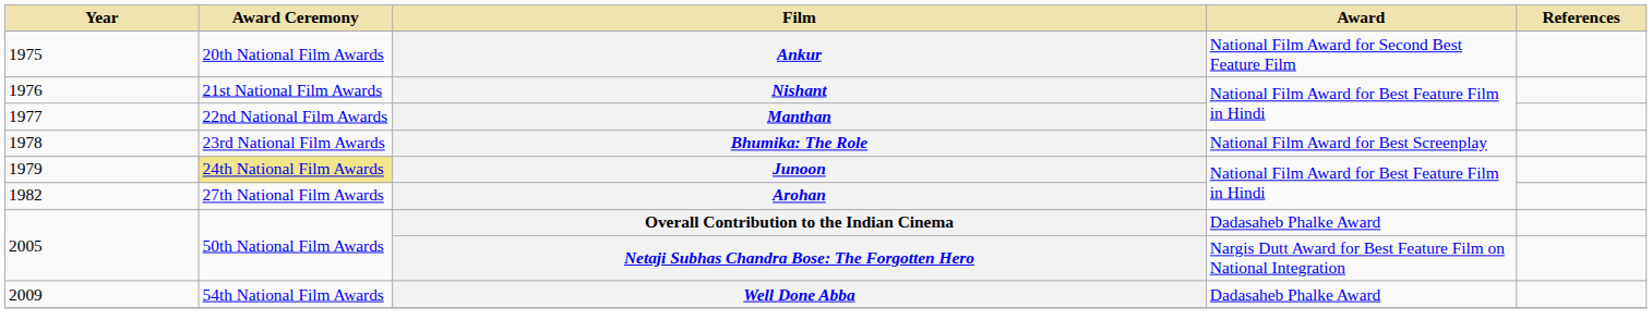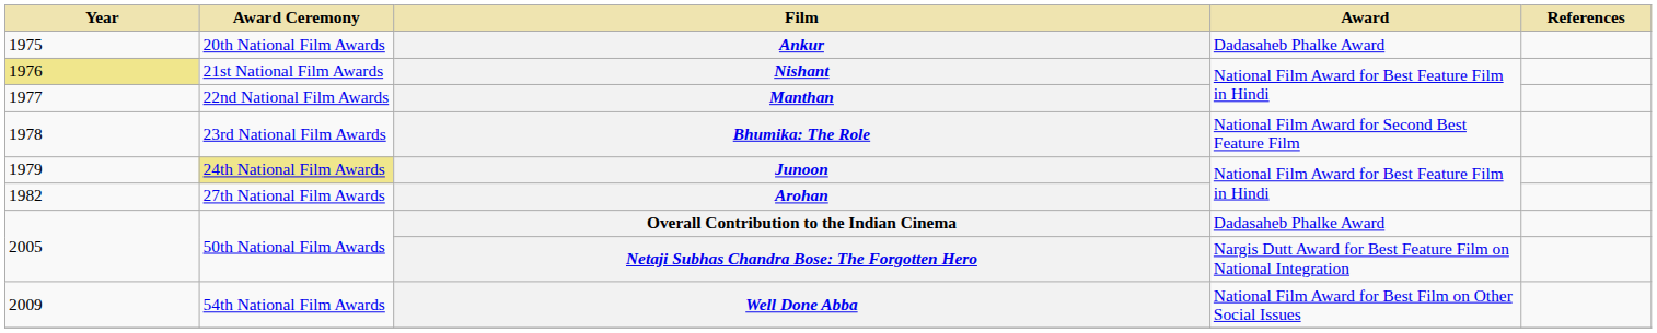 <table class="wikitable sortable">
 <tr>
 <th scope="col" style="background-color:#EFE4B0;width:5%">Year</th>
 <th scope="col" style="background-color:#EFE4B0;width:5%" class="unsortable">Award Ceremony</th>
 <th scope="col" style="background-color:#EFE4B0;width:21%">Film</th>
 <th scope="col" style="background-color:#EFE4B0;width:8%">Award</th>
 <th scope="col" style="background-color:#EFE4B0;width:2%">References</th>
 </tr>
 <tr>
 <td align="centre">1975</td>
 <td><a href='#'>20th National Film Awards</a></td>
 <th scope="row"><a href='#'><em>Ankur</em></a></th>
-<td><a href='#'>National Film Award for Second Best Feature Film</a></td>
+<td><a href='#'>Dadasaheb Phalke Award</a></td>
 <td></td>
 </tr>
 <tr>
-<td align="centre">1976</td>
+<td align="centre" style="background: khaki;">1976</td>
 <td><a href='#'>21st National Film Awards</a></td>
 <th scope="row"><a href='#'><em>Nishant</em></a></th>
 <td rowspan="2"><a href='#'>National Film Award for Best Feature Film in Hindi</a></td>
 <td></td>
 </tr>
 <tr>
 <td align="centre">1977</td>
 <td><a href='#'>22nd National Film Awards</a></td>
 <th scope="row"><em><a href='#'>Manthan</a></em></th>
 <td></td>
 </tr>
 <tr>
 <td align="centre">1978</td>
 <td><a href='#'>23rd National Film Awards</a></td>
 <th scope="row"><em><a href='#'>Bhumika: The Role</a></em></th>
-<td><a href='#'>National Film Award for Best Screenplay</a></td>
+<td><a href='#'>National Film Award for Second Best Feature Film</a></td>
 <td></td>
 </tr>
 <tr>
 <td align="centre">1979</td>
 <td style="background: khaki;"><a href='#'>24th National Film Awards</a></td>
 <th scope="row"><a href='#'><em>Junoon</em></a></th>
 <td rowspan="2"><a href='#'>National Film Award for Best Feature Film in Hindi</a></td>
 <td></td>
 </tr>
 <tr>
 <td align="centre">1982</td>
 <td><a href='#'>27th National Film Awards</a></td>
 <th scope="row"><a href='#'><em>Arohan</em></a></th>
 <td></td>
 </tr>
 <tr>
 <td rowspan="2" align="centre">2005</td>
 <td rowspan="2"><a href='#'>50th National Film Awards</a></td>
 <th scope="row">Overall Contribution to the Indian Cinema</th>
 <td><a href='#'>Dadasaheb Phalke Award</a></td>
 <td></td>
 </tr>
 <tr>
 <th scope="row"><em><a href='#'>Netaji Subhas Chandra Bose: The Forgotten Hero</a></em></th>
 <td><a href='#'>Nargis Dutt Award for Best Feature Film on National Integration</a></td>
 <td></td>
 </tr>
 <tr>
 <td align="centre">2009</td>
 <td><a href='#'>54th National Film Awards</a></td>
 <th scope="row"><em><a href='#'>Well Done Abba</a></em></th>
-<td><a href='#'>Dadasaheb Phalke Award</a></td>
+<td><a href='#'>National Film Award for Best Film on Other Social Issues</a></td>
 <td></td>
 </tr>
 <tr>
 </tr>
 </table>
